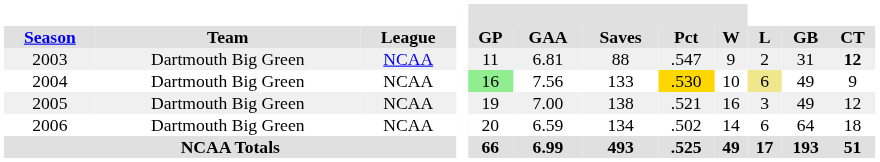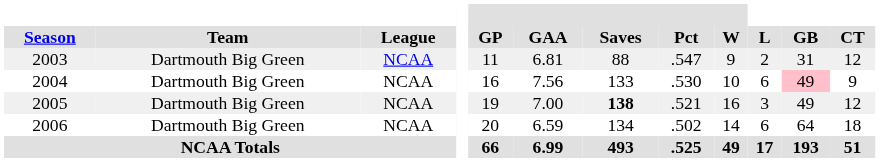 <table BORDER="0" CELLPADDING="1" CELLSPACING="0" width="50%" style="text-align:center">
 <tr bgcolor="#e0e0e0">
 <th colspan="3" bgcolor="#ffffff"> </th>
 <th rowspan="99" bgcolor="#ffffff"> </th>
 <th colspan="5"></th>
 </tr>
 <tr bgcolor="#e0e0e0">
 <th><a href='#'>Season</a></th>
 <th>Team</th>
 <th>League</th>
 <th>GP</th>
 <th>GAA</th>
 <th>Saves</th>
 <th>Pct</th>
 <th>W</th>
 <th>L</th>
 <th>GB</th>
 <th>CT</th>
 </tr>
 <tr bgcolor="#f0f0f0">
 <td>2003</td>
 <td>Dartmouth Big Green</td>
 <td><a href='#'>NCAA</a></td>
 <td>11</td>
 <td>6.81</td>
 <td>88</td>
 <td>.547</td>
 <td>9</td>
 <td>2</td>
 <td>31</td>
-<td><strong>12</strong></td>
+<td>12</td>
 </tr>
 <tr>
 <td>2004</td>
 <td>Dartmouth Big Green</td>
 <td>NCAA</td>
-<td style="background: lightgreen;">16</td>
+<td>16</td>
 <td>7.56</td>
 <td>133</td>
-<td style="background: gold;">.530</td>
+<td>.530</td>
 <td>10</td>
-<td style="background: khaki;">6</td>
-<td>49</td>
+<td>6</td>
+<td style="background: pink;">49</td>
 <td>9</td>
 </tr>
 <tr bgcolor="#f0f0f0">
 <td>2005</td>
 <td>Dartmouth Big Green</td>
 <td>NCAA</td>
 <td>19</td>
 <td>7.00</td>
-<td>138</td>
+<td><strong>138</strong></td>
 <td>.521</td>
 <td>16</td>
 <td>3</td>
 <td>49</td>
 <td>12</td>
 </tr>
 <tr bgcolor=>
 <td>2006</td>
 <td>Dartmouth Big Green</td>
 <td>NCAA</td>
 <td>20</td>
 <td>6.59</td>
 <td>134</td>
 <td>.502</td>
 <td>14</td>
 <td>6</td>
 <td>64</td>
 <td>18</td>
 </tr>
 <tr ALIGN="center" bgcolor="#e0e0e0">
 <th colspan="3">NCAA Totals</th>
 <th>66</th>
 <th>6.99</th>
 <th>493</th>
 <th>.525</th>
 <th>49</th>
 <th>17</th>
 <th>193</th>
 <th>51</th>
 </tr>
 </table>
